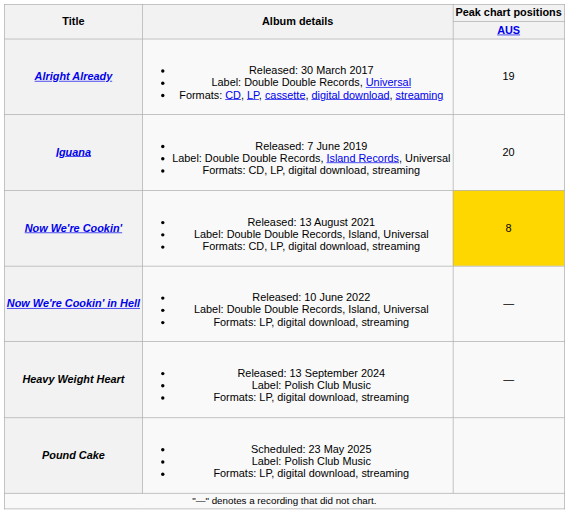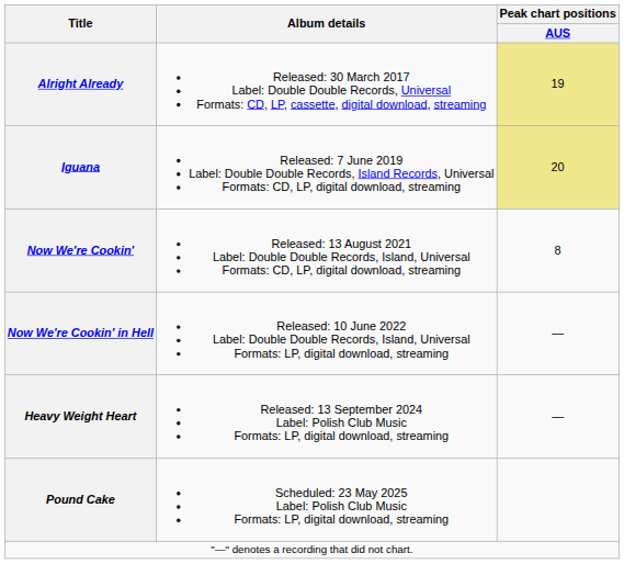 <table class="wikitable plainrowheaders" style="text-align:center">
 <tr>
 <th scope="col" rowspan="2">Title</th>
 <th scope="col" rowspan="2">Album details</th>
 <th scope="col" colspan="1">Peak chart positions</th>
 </tr>
 <tr>
 <th><a href='#'>AUS</a><br></th>
 </tr>
 <tr>
 <th scope="row"><em><a href='#'>Alright Already</a></em></th>
 <td><br><ul><li>Released: 30 March 2017</li><li>Label: Double Double Records, <a href='#'>Universal</a></li><li>Formats: <a href='#'>CD</a>, <a href='#'>LP</a>, <a href='#'>cassette</a>, <a href='#'>digital download</a>, <a href='#'>streaming</a></li></ul></td>
-<td>19</td>
+<td style="background: khaki;">19</td>
 </tr>
 <tr>
 <th scope="row"><em><a href='#'>Iguana</a></em></th>
 <td><br><ul><li>Released: 7 June 2019</li><li>Label: Double Double Records, <a href='#'>Island Records</a>, Universal</li><li>Formats: CD, LP, digital download, streaming</li></ul></td>
-<td>20</td>
+<td style="background: khaki;">20</td>
 </tr>
 <tr>
 <th scope="row"><em><a href='#'>Now We're Cookin'</a></em></th>
 <td><br><ul><li>Released: 13 August 2021</li><li>Label: Double Double Records, Island, Universal</li><li>Formats: CD, LP, digital download, streaming</li></ul></td>
-<td style="background: gold;">8<br></td>
+<td>8<br></td>
 </tr>
 <tr>
 <th scope="row"><em><a href='#'>Now We're Cookin' in Hell</a></em></th>
 <td><br><ul><li>Released: 10 June 2022</li><li>Label: Double Double Records, Island, Universal</li><li>Formats: LP, digital download, streaming</li></ul></td>
 <td>—</td>
 </tr>
 <tr>
 <th scope="row"><em>Heavy Weight Heart</em></th>
 <td><br><ul><li>Released: 13 September 2024</li><li>Label: Polish Club Music</li><li>Formats: LP, digital download, streaming</li></ul></td>
 <td>—</td>
 </tr>
 <tr>
 <th scope="row"><em>Pound Cake</em></th>
 <td><br><ul><li>Scheduled: 23 May 2025</li><li>Label: Polish Club Music</li><li>Formats: LP, digital download, streaming</li></ul></td>
 <td></td>
 </tr>
 <tr>
 <td colspan="10" style="font-size:90%">"—" denotes a recording that did not chart.</td>
 </tr>
 </table>
